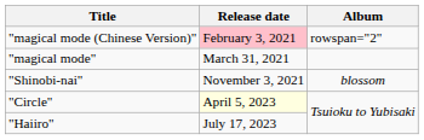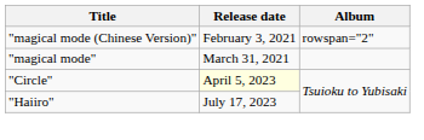 <table class="wikitable">
 <tr>
 <th>Title</th>
 <th>Release date</th>
 <th>Album</th>
 </tr>
 <tr>
 <td scope="row" align="left">"magical mode (Chinese Version)"</td>
-<td style="background: pink;">February 3, 2021</td>
+<td>February 3, 2021</td>
 <td>rowspan="2" </td>
 </tr>
 <tr>
 <td scope="row" align="left">"magical mode"</td>
 <td>March 31, 2021</td>
-</tr>
-<tr>
-<td scope="row" align="left">"Shinobi-nai"</td>
-<td>November 3, 2021</td>
-<td align="center"><em>blossom</em></td>
 </tr>
 <tr>
 <td scope="row" align="left">"Circle"</td>
 <td style="background: lightyellow;">April 5, 2023</td>
 <td rowspan="3"><em>Tsuioku to Yubisaki</em></td>
 </tr>
 <tr>
 <td scope="row" align="left">"Haiiro"</td>
 <td>July 17, 2023</td>
 </tr>
 </table>
